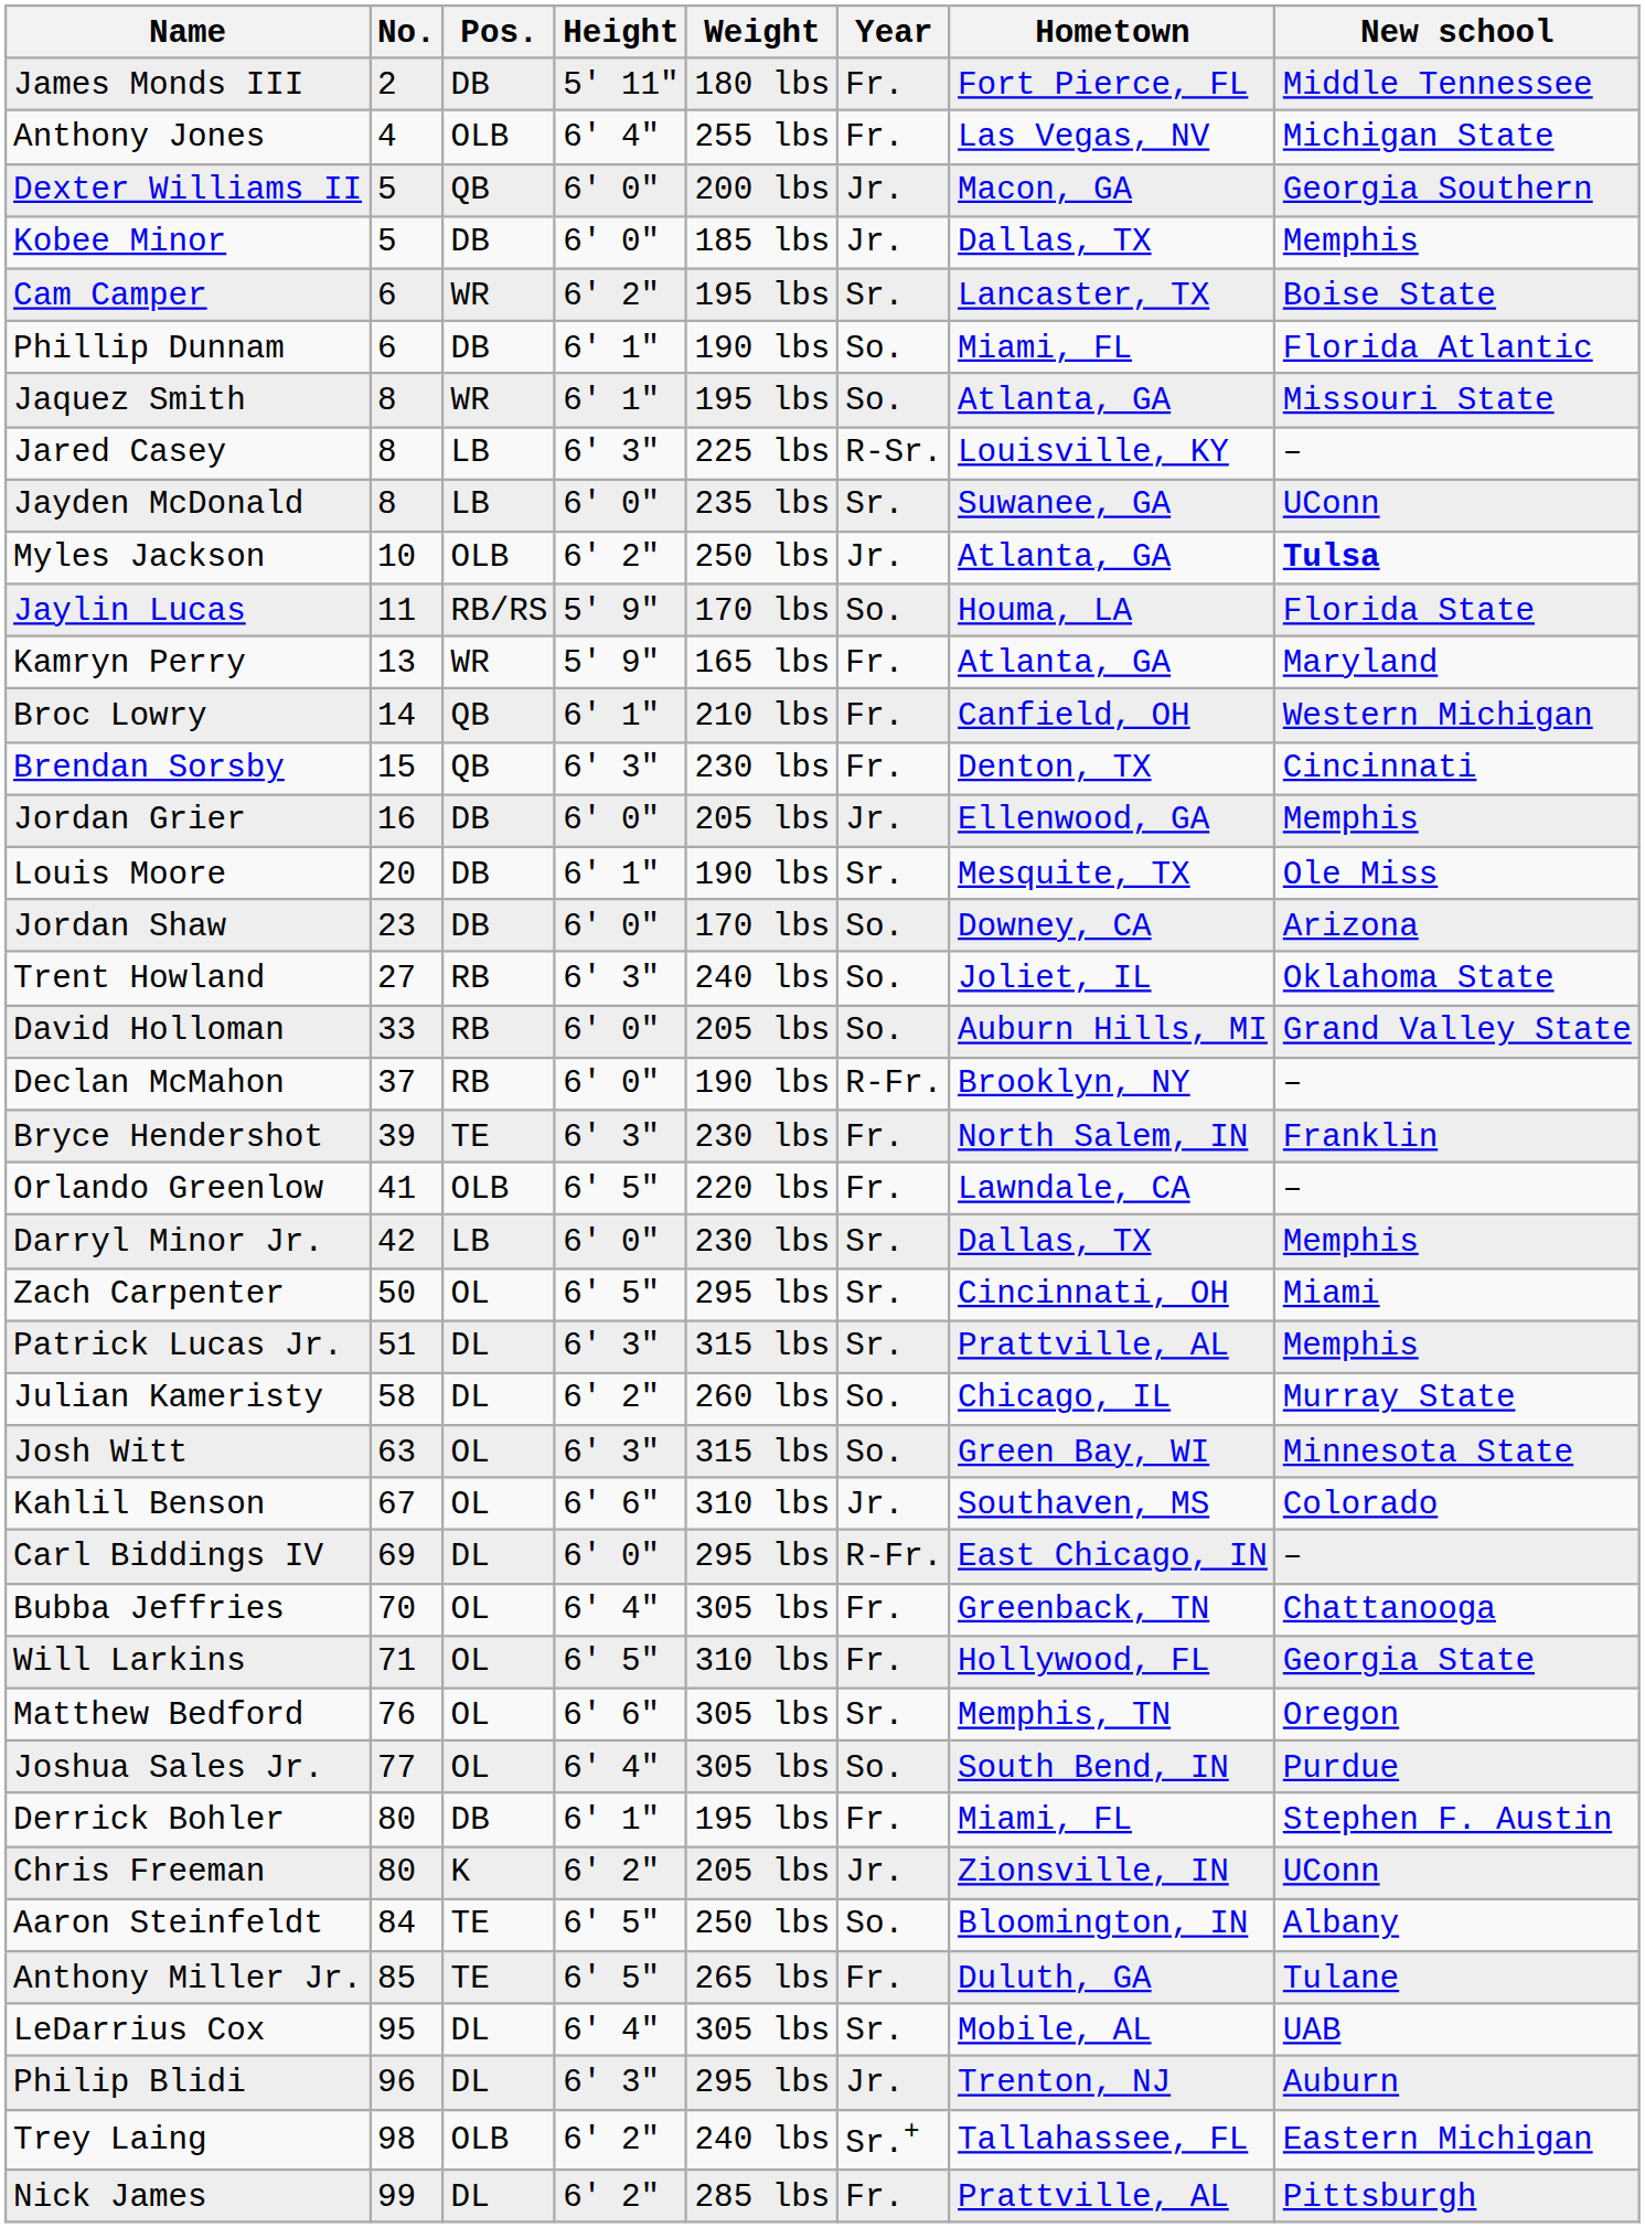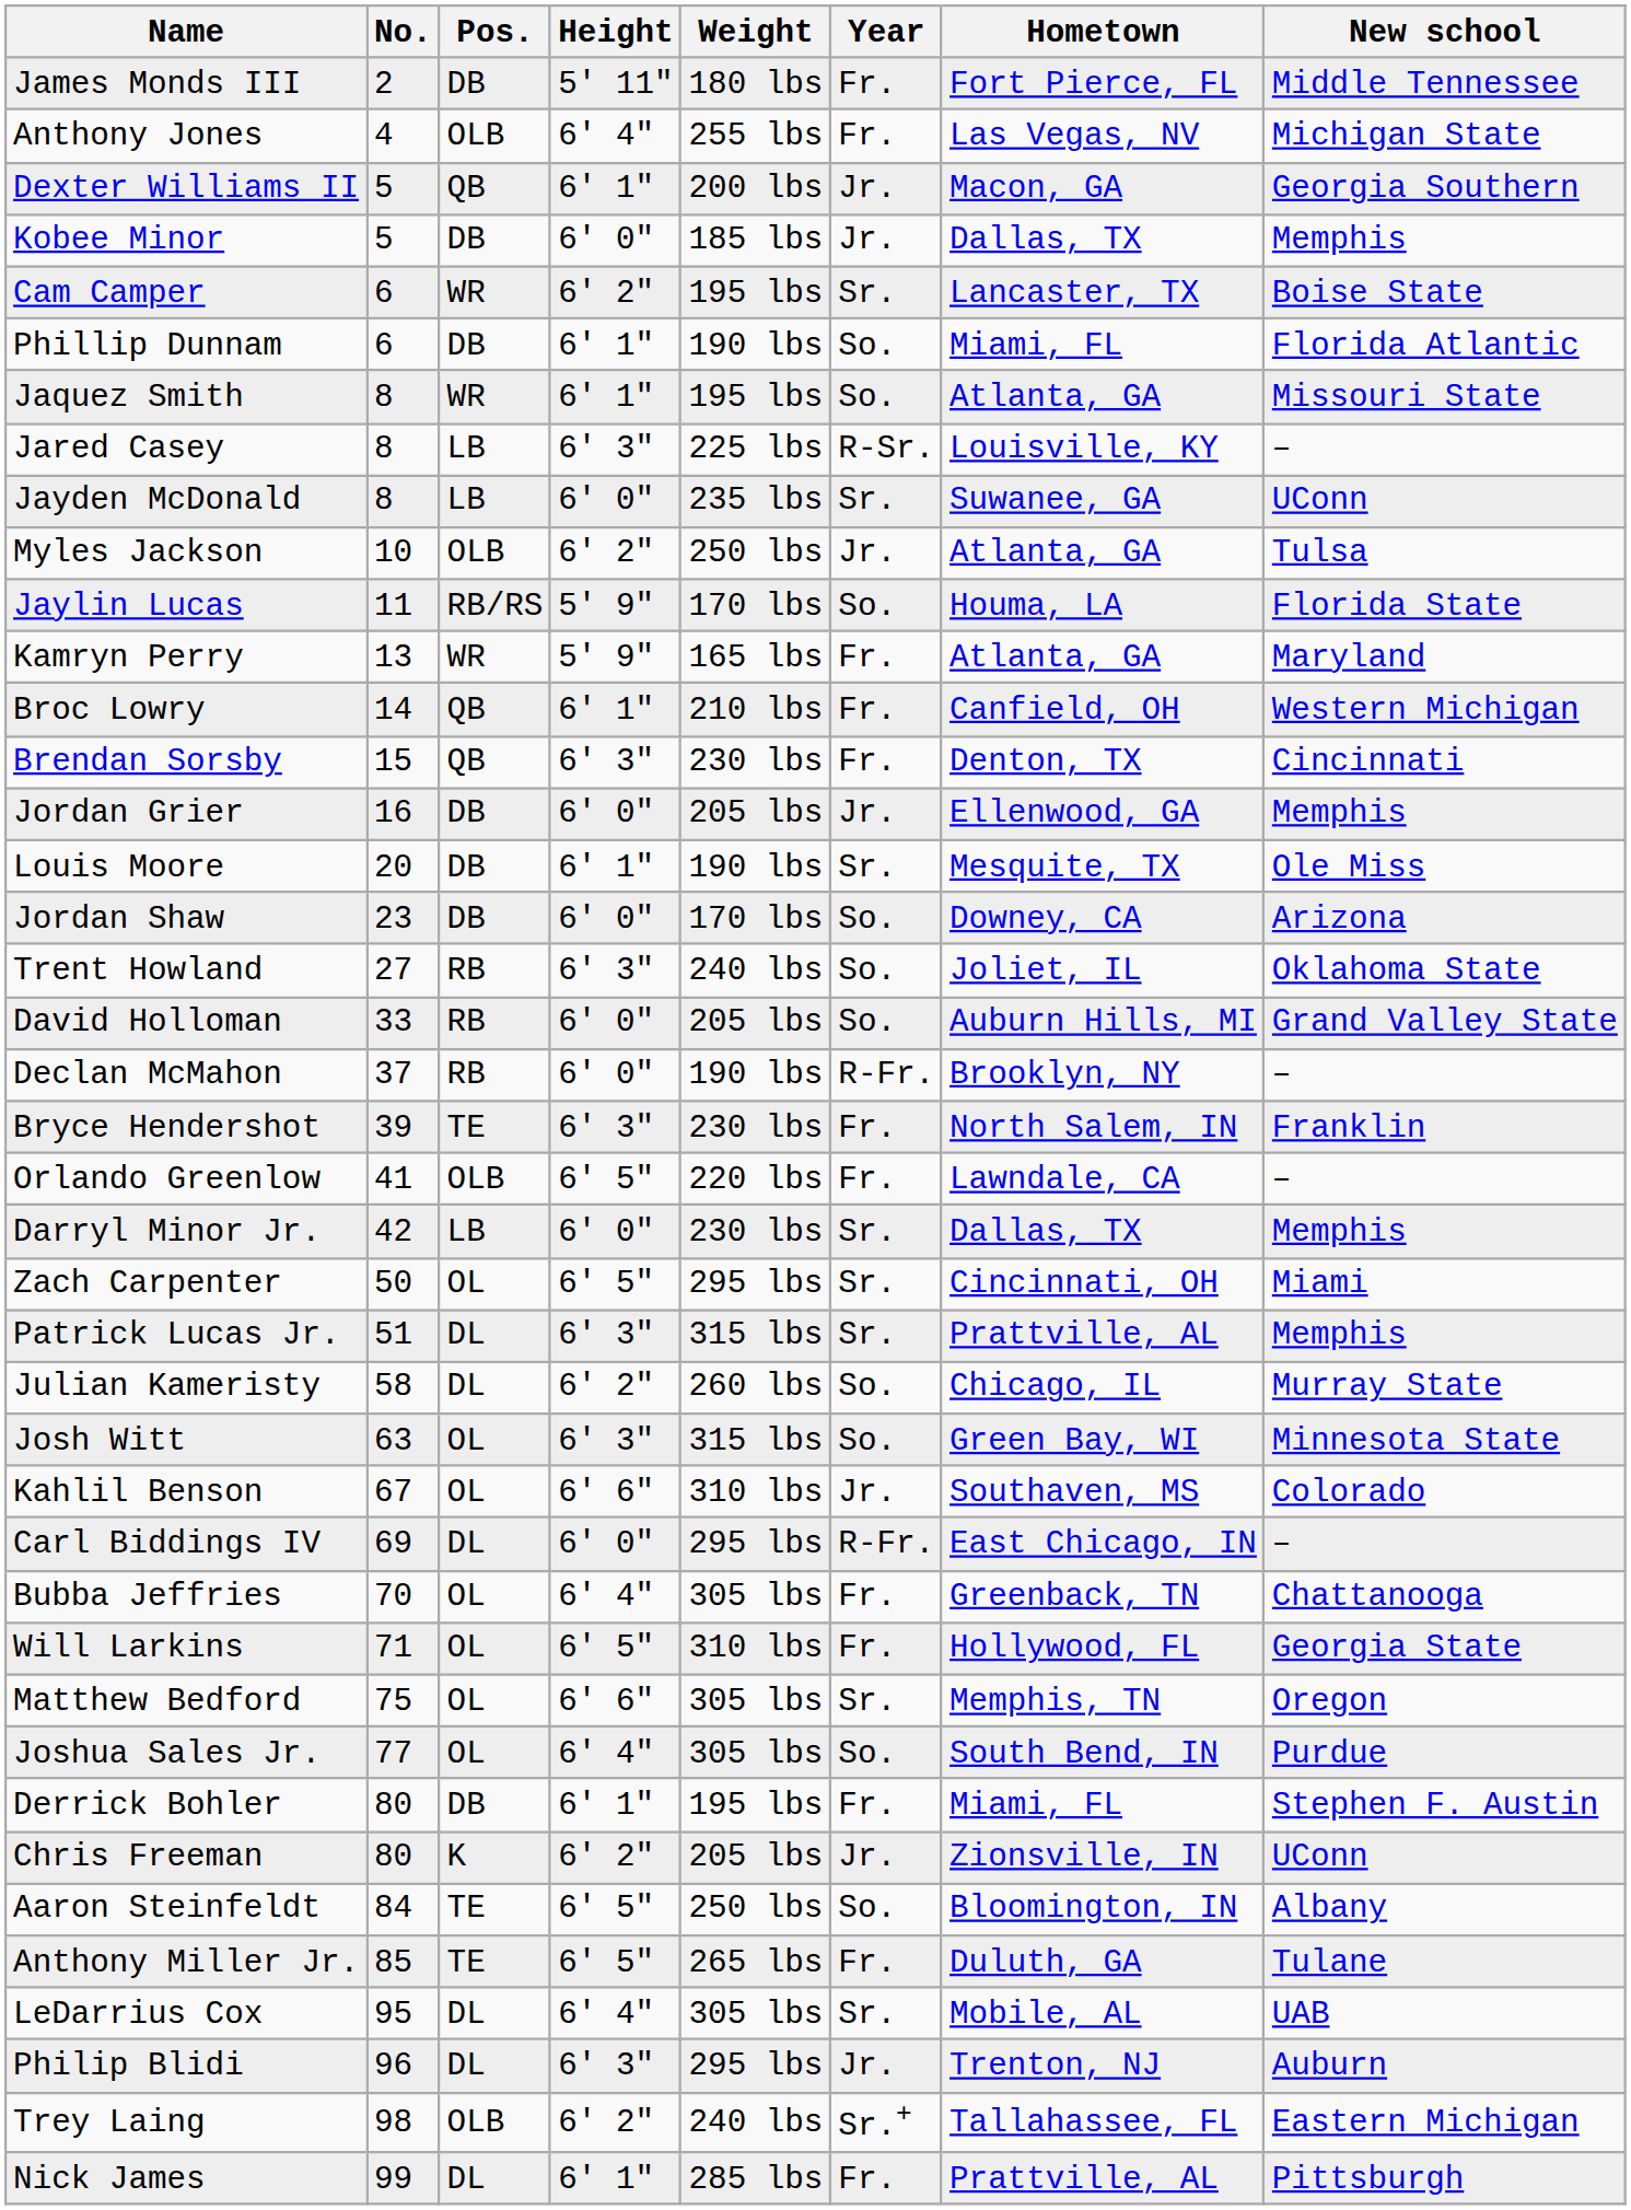 <table class="wikitable sortable" style="text-align:left">
 <tr>
 <th>Name</th>
 <th>No.</th>
 <th>Pos.</th>
 <th>Height</th>
 <th>Weight</th>
 <th>Year</th>
 <th>Hometown</th>
 <th>New school</th>
 </tr>
 <tr style="background:#eeeeee;">
 <td>James Monds III</td>
 <td>2</td>
 <td>DB</td>
 <td>5' 11"</td>
 <td>180 lbs</td>
 <td> Fr.</td>
 <td><a href='#'>Fort Pierce, FL</a></td>
 <td><a href='#'>Middle Tennessee</a></td>
 </tr>
 <tr>
 <td>Anthony Jones</td>
 <td>4</td>
 <td>OLB</td>
 <td>6' 4"</td>
 <td>255 lbs</td>
 <td> Fr.</td>
 <td><a href='#'>Las Vegas, NV</a></td>
 <td><a href='#'>Michigan State</a></td>
 </tr>
 <tr style="background:#eeeeee;">
 <td><a href='#'>Dexter Williams II</a></td>
 <td>5</td>
 <td>QB</td>
-<td>6' 0"</td>
+<td>6' 1"</td>
 <td>200 lbs</td>
 <td> Jr.</td>
 <td><a href='#'>Macon, GA</a></td>
 <td><a href='#'>Georgia Southern</a></td>
 </tr>
 <tr>
 <td><a href='#'>Kobee Minor</a></td>
 <td>5</td>
 <td>DB</td>
 <td>6' 0"</td>
 <td>185 lbs</td>
 <td> Jr.</td>
 <td><a href='#'>Dallas, TX</a></td>
 <td><a href='#'>Memphis</a></td>
 </tr>
 <tr style="background:#eeeeee;">
 <td><a href='#'>Cam Camper</a></td>
 <td>6</td>
 <td>WR</td>
 <td>6' 2"</td>
 <td>195 lbs</td>
 <td>Sr.</td>
 <td><a href='#'>Lancaster, TX</a></td>
 <td><a href='#'>Boise State</a></td>
 </tr>
 <tr>
 <td>Phillip Dunnam</td>
 <td>6</td>
 <td>DB</td>
 <td>6' 1"</td>
 <td>190 lbs</td>
 <td>So.</td>
 <td><a href='#'>Miami, FL</a></td>
 <td><a href='#'>Florida Atlantic</a></td>
 </tr>
 <tr style="background:#eeeeee;">
 <td>Jaquez Smith</td>
 <td>8</td>
 <td>WR</td>
 <td>6' 1"</td>
 <td>195 lbs</td>
 <td> So.</td>
 <td><a href='#'>Atlanta, GA</a></td>
 <td><a href='#'>Missouri State</a></td>
 </tr>
 <tr>
 <td>Jared Casey</td>
 <td>8</td>
 <td>LB</td>
 <td>6' 3"</td>
 <td>225 lbs</td>
 <td>R-Sr.</td>
 <td><a href='#'>Louisville, KY</a></td>
 <td>–</td>
 </tr>
 <tr style="background:#eeeeee;">
 <td>Jayden McDonald</td>
 <td>8</td>
 <td>LB</td>
 <td>6' 0"</td>
 <td>235 lbs</td>
 <td> Sr.</td>
 <td><a href='#'>Suwanee, GA</a></td>
 <td><a href='#'>UConn</a></td>
 </tr>
 <tr>
 <td>Myles Jackson</td>
 <td>10</td>
 <td>OLB</td>
 <td>6' 2"</td>
 <td>250 lbs</td>
 <td> Jr.</td>
 <td><a href='#'>Atlanta, GA</a></td>
-<td><strong><a href='#'>Tulsa</a></strong></td>
+<td><a href='#'>Tulsa</a></td>
 </tr>
 <tr style="background:#eeeeee;">
 <td><a href='#'>Jaylin Lucas</a></td>
 <td>11</td>
 <td>RB/RS</td>
 <td>5' 9"</td>
 <td>170 lbs</td>
 <td>So.</td>
 <td><a href='#'>Houma, LA</a></td>
 <td><a href='#'>Florida State</a></td>
 </tr>
 <tr>
 <td>Kamryn Perry</td>
 <td>13</td>
 <td>WR</td>
 <td>5' 9"</td>
 <td>165 lbs</td>
 <td> Fr.</td>
 <td><a href='#'>Atlanta, GA</a></td>
 <td><a href='#'>Maryland</a></td>
 </tr>
 <tr style="background:#eeeeee;">
 <td>Broc Lowry</td>
 <td>14</td>
 <td>QB</td>
 <td>6' 1"</td>
 <td>210 lbs</td>
 <td>Fr.</td>
 <td><a href='#'>Canfield, OH</a></td>
 <td><a href='#'>Western Michigan</a></td>
 </tr>
 <tr>
 <td><a href='#'>Brendan Sorsby</a></td>
 <td>15</td>
 <td>QB</td>
 <td>6' 3"</td>
 <td>230 lbs</td>
 <td> Fr.</td>
 <td><a href='#'>Denton, TX</a></td>
 <td><a href='#'>Cincinnati</a></td>
 </tr>
 <tr style="background:#eeeeee;">
 <td>Jordan Grier</td>
 <td>16</td>
 <td>DB</td>
 <td>6' 0"</td>
 <td>205 lbs</td>
 <td>Jr.</td>
 <td><a href='#'>Ellenwood, GA</a></td>
 <td><a href='#'>Memphis</a></td>
 </tr>
 <tr>
 <td>Louis Moore</td>
 <td>20</td>
 <td>DB</td>
 <td>6' 1"</td>
 <td>190 lbs</td>
 <td>Sr.</td>
 <td><a href='#'>Mesquite, TX</a></td>
 <td><a href='#'>Ole Miss</a></td>
 </tr>
 <tr style="background:#eeeeee;">
 <td>Jordan Shaw</td>
 <td>23</td>
 <td>DB</td>
 <td>6' 0"</td>
 <td>170 lbs</td>
 <td> So.</td>
 <td><a href='#'>Downey, CA</a></td>
 <td><a href='#'>Arizona</a></td>
 </tr>
 <tr>
 <td>Trent Howland</td>
 <td>27</td>
 <td>RB</td>
 <td>6' 3"</td>
 <td>240 lbs</td>
 <td> So.</td>
 <td><a href='#'>Joliet, IL</a></td>
 <td><a href='#'>Oklahoma State</a></td>
 </tr>
 <tr style="background:#eeeeee;">
 <td>David Holloman</td>
 <td>33</td>
 <td>RB</td>
 <td>6' 0"</td>
 <td>205 lbs</td>
 <td> So.</td>
 <td><a href='#'>Auburn Hills, MI</a></td>
 <td><a href='#'>Grand Valley State</a></td>
 </tr>
 <tr>
 <td>Declan McMahon</td>
 <td>37</td>
 <td>RB</td>
 <td>6' 0"</td>
 <td>190 lbs</td>
 <td>R-Fr.</td>
 <td><a href='#'>Brooklyn, NY</a></td>
 <td>–</td>
 </tr>
 <tr style="background:#eeeeee;">
 <td>Bryce Hendershot</td>
 <td>39</td>
 <td>TE</td>
 <td>6' 3"</td>
 <td>230 lbs</td>
 <td>Fr.</td>
 <td><a href='#'>North Salem, IN</a></td>
 <td><a href='#'>Franklin</a></td>
 </tr>
 <tr>
 <td>Orlando Greenlow</td>
 <td>41</td>
 <td>OLB</td>
 <td>6' 5"</td>
 <td>220 lbs</td>
 <td>Fr.</td>
 <td><a href='#'>Lawndale, CA</a></td>
 <td>–</td>
 </tr>
 <tr style="background:#eeeeee;">
 <td>Darryl Minor Jr.</td>
 <td>42</td>
 <td>LB</td>
 <td>6' 0"</td>
 <td>230 lbs</td>
 <td>Sr.</td>
 <td><a href='#'>Dallas, TX</a></td>
 <td><a href='#'>Memphis</a></td>
 </tr>
 <tr>
 <td>Zach Carpenter</td>
 <td>50</td>
 <td>OL</td>
 <td>6' 5"</td>
 <td>295 lbs</td>
 <td> Sr.</td>
 <td><a href='#'>Cincinnati, OH</a></td>
 <td><a href='#'>Miami</a></td>
 </tr>
 <tr style="background:#eeeeee;">
 <td>Patrick Lucas Jr.</td>
 <td>51</td>
 <td>DL</td>
 <td>6' 3"</td>
 <td>315 lbs</td>
 <td> Sr.</td>
 <td><a href='#'>Prattville, AL</a></td>
 <td><a href='#'>Memphis</a></td>
 </tr>
 <tr>
 <td>Julian Kameristy</td>
 <td>58</td>
 <td>DL</td>
 <td>6' 2"</td>
 <td>260 lbs</td>
 <td> So.</td>
 <td><a href='#'>Chicago, IL</a></td>
 <td><a href='#'>Murray State</a></td>
 </tr>
 <tr style="background:#eeeeee;">
 <td>Josh Witt</td>
 <td>63</td>
 <td>OL</td>
 <td>6' 3"</td>
 <td>315 lbs</td>
 <td>So.</td>
 <td><a href='#'>Green Bay, WI</a></td>
 <td><a href='#'>Minnesota State</a></td>
 </tr>
 <tr>
 <td>Kahlil Benson</td>
 <td>67</td>
 <td>OL</td>
 <td>6' 6"</td>
 <td>310 lbs</td>
 <td> Jr.</td>
 <td><a href='#'>Southaven, MS</a></td>
 <td><a href='#'>Colorado</a></td>
 </tr>
 <tr style="background:#eeeeee;">
 <td>Carl Biddings IV</td>
 <td>69</td>
 <td>DL</td>
 <td>6' 0"</td>
 <td>295 lbs</td>
 <td>R-Fr.</td>
 <td><a href='#'>East Chicago, IN</a></td>
 <td>–</td>
 </tr>
 <tr>
 <td>Bubba Jeffries</td>
 <td>70</td>
 <td>OL</td>
 <td>6' 4"</td>
 <td>305 lbs</td>
 <td>Fr.</td>
 <td><a href='#'>Greenback, TN</a></td>
 <td><a href='#'>Chattanooga</a></td>
 </tr>
 <tr style="background:#eeeeee;">
 <td>Will Larkins</td>
 <td>71</td>
 <td>OL</td>
 <td>6' 5"</td>
 <td>310 lbs</td>
 <td>Fr.</td>
 <td><a href='#'>Hollywood, FL</a></td>
 <td><a href='#'>Georgia State</a></td>
 </tr>
 <tr>
 <td>Matthew Bedford</td>
-<td>76</td>
+<td>75</td>
 <td>OL</td>
 <td>6' 6"</td>
 <td>305 lbs</td>
 <td> Sr.</td>
 <td><a href='#'>Memphis, TN</a></td>
 <td><a href='#'>Oregon</a></td>
 </tr>
 <tr style="background:#eeeeee;">
 <td>Joshua Sales Jr.</td>
 <td>77</td>
 <td>OL</td>
 <td>6' 4"</td>
 <td>305 lbs</td>
 <td> So.</td>
 <td><a href='#'>South Bend, IN</a></td>
 <td><a href='#'>Purdue</a></td>
 </tr>
 <tr>
 <td>Derrick Bohler</td>
 <td>80</td>
 <td>DB</td>
 <td>6' 1"</td>
 <td>195 lbs</td>
 <td>Fr.</td>
 <td><a href='#'>Miami, FL</a></td>
 <td><a href='#'>Stephen F. Austin</a></td>
 </tr>
 <tr style="background:#eeeeee;">
 <td>Chris Freeman</td>
 <td>80</td>
 <td>K</td>
 <td>6' 2"</td>
 <td>205 lbs</td>
 <td> Jr.</td>
 <td><a href='#'>Zionsville, IN</a></td>
 <td><a href='#'>UConn</a></td>
 </tr>
 <tr>
 <td>Aaron Steinfeldt</td>
 <td>84</td>
 <td>TE</td>
 <td>6' 5"</td>
 <td>250 lbs</td>
 <td> So.</td>
 <td><a href='#'>Bloomington, IN</a></td>
 <td><a href='#'>Albany</a></td>
 </tr>
 <tr style="background:#eeeeee;">
 <td>Anthony Miller Jr.</td>
 <td>85</td>
 <td>TE</td>
 <td>6' 5"</td>
 <td>265 lbs</td>
 <td>Fr.</td>
 <td><a href='#'>Duluth, GA</a></td>
 <td><a href='#'>Tulane</a></td>
 </tr>
 <tr>
 <td>LeDarrius Cox</td>
 <td>95</td>
 <td>DL</td>
 <td>6' 4"</td>
 <td>305 lbs</td>
 <td> Sr.</td>
 <td><a href='#'>Mobile, AL</a></td>
 <td><a href='#'>UAB</a></td>
 </tr>
 <tr style="background:#eeeeee;">
 <td>Philip Blidi</td>
 <td>96</td>
 <td>DL</td>
 <td>6' 3"</td>
 <td>295 lbs</td>
 <td> Jr.</td>
 <td><a href='#'>Trenton, NJ</a></td>
 <td><a href='#'>Auburn</a></td>
 </tr>
 <tr>
 <td>Trey Laing</td>
 <td>98</td>
 <td>OLB</td>
 <td>6' 2"</td>
 <td>240 lbs</td>
 <td>Sr.<sup>+</sup></td>
 <td><a href='#'>Tallahassee, FL</a></td>
 <td><a href='#'>Eastern Michigan</a></td>
 </tr>
 <tr style="background:#eeeeee;">
 <td>Nick James</td>
 <td>99</td>
 <td>DL</td>
-<td>6' 2"</td>
+<td>6' 1"</td>
 <td>285 lbs</td>
 <td> Fr.</td>
 <td><a href='#'>Prattville, AL</a></td>
 <td><a href='#'>Pittsburgh</a></td>
 </tr>
 </table>
